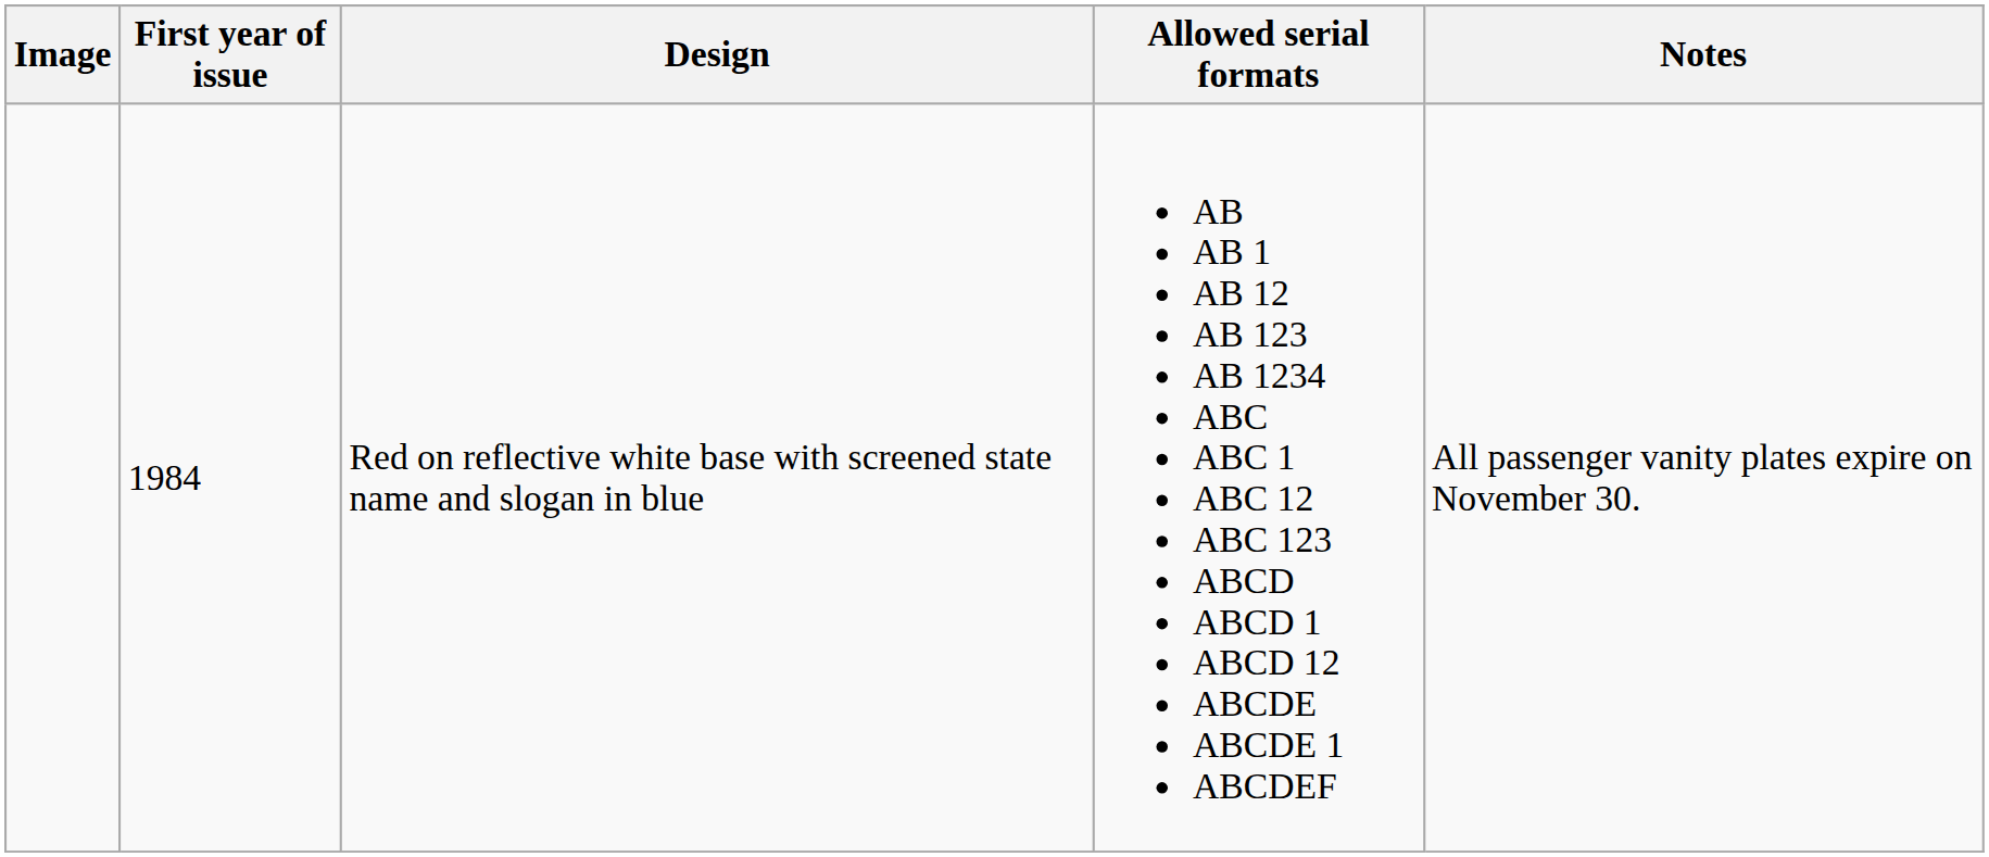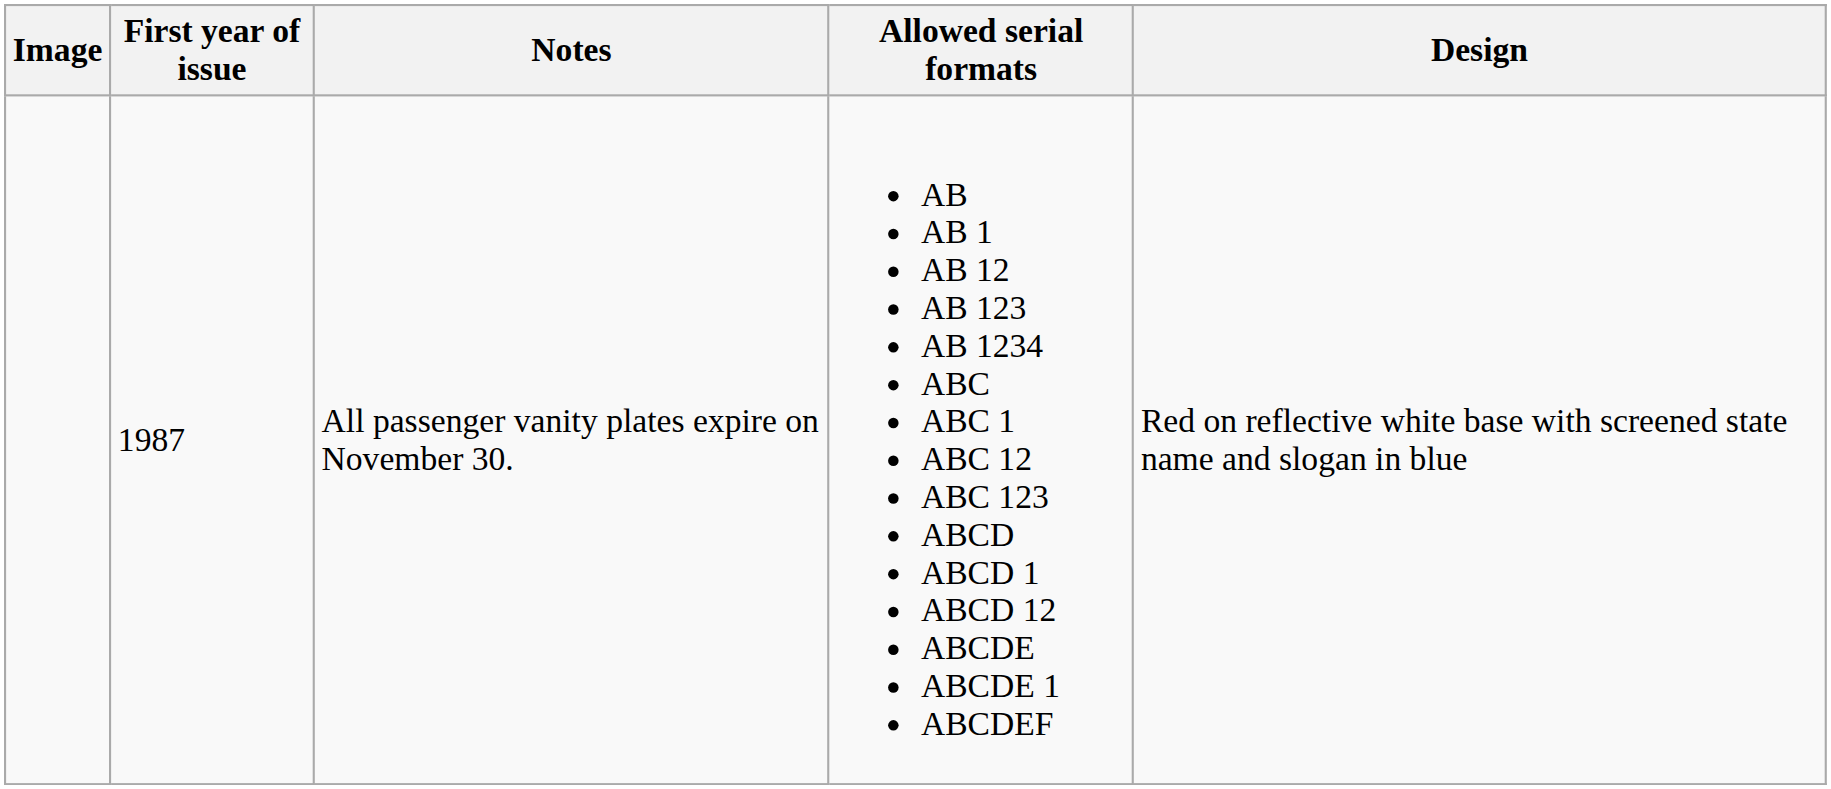 <table class="wikitable">
 <tr>
 <th>Image</th>
 <th>First year of issue</th>
+<th>Notes</th>
+<th>Allowed serial formats</th>
 <th>Design</th>
-<th>Allowed serial formats</th>
-<th>Notes</th>
 </tr>
 <tr>
 <td></td>
-<td>1984</td>
+<td>1987</td>
+<td>All passenger vanity plates expire on November 30.</td>
+<td><br><ul><li>AB</li><li>AB 1</li><li>AB 12</li><li>AB 123</li><li>AB 1234</li><li>ABC</li><li>ABC 1</li><li>ABC 12</li><li>ABC 123</li><li>ABCD</li><li>ABCD 1</li><li>ABCD 12</li><li>ABCDE</li><li>ABCDE 1</li><li>ABCDEF</li></ul></td>
 <td>Red on reflective white base with screened state name and slogan in blue</td>
-<td><br><ul><li>AB</li><li>AB 1</li><li>AB 12</li><li>AB 123</li><li>AB 1234</li><li>ABC</li><li>ABC 1</li><li>ABC 12</li><li>ABC 123</li><li>ABCD</li><li>ABCD 1</li><li>ABCD 12</li><li>ABCDE</li><li>ABCDE 1</li><li>ABCDEF</li></ul></td>
-<td>All passenger vanity plates expire on November 30.</td>
 </tr>
 </table>
